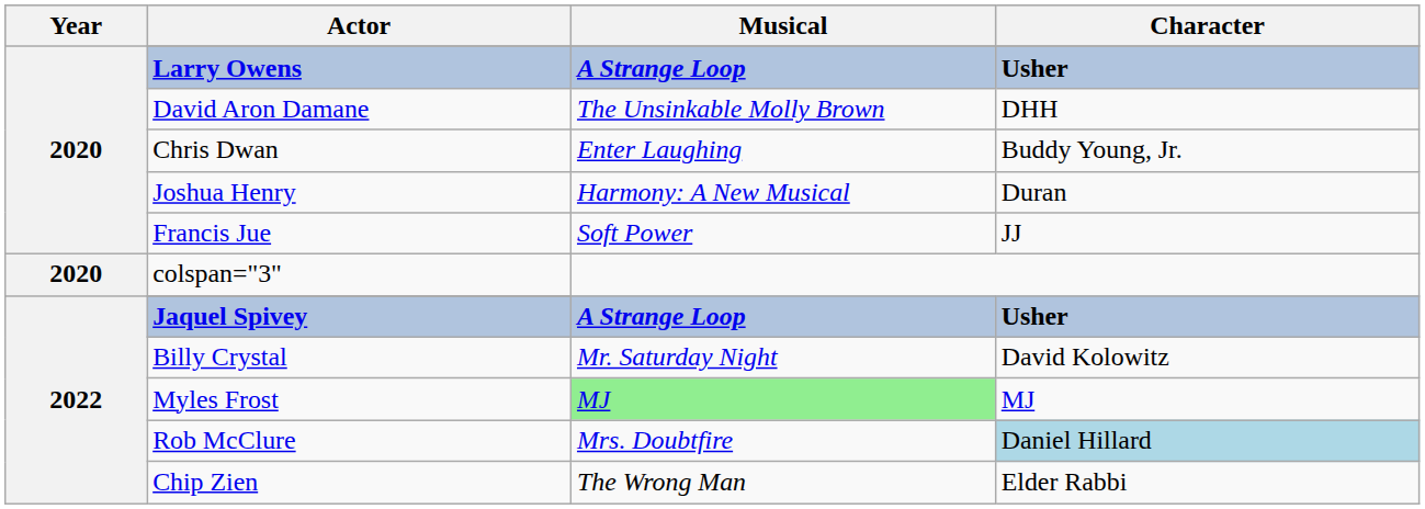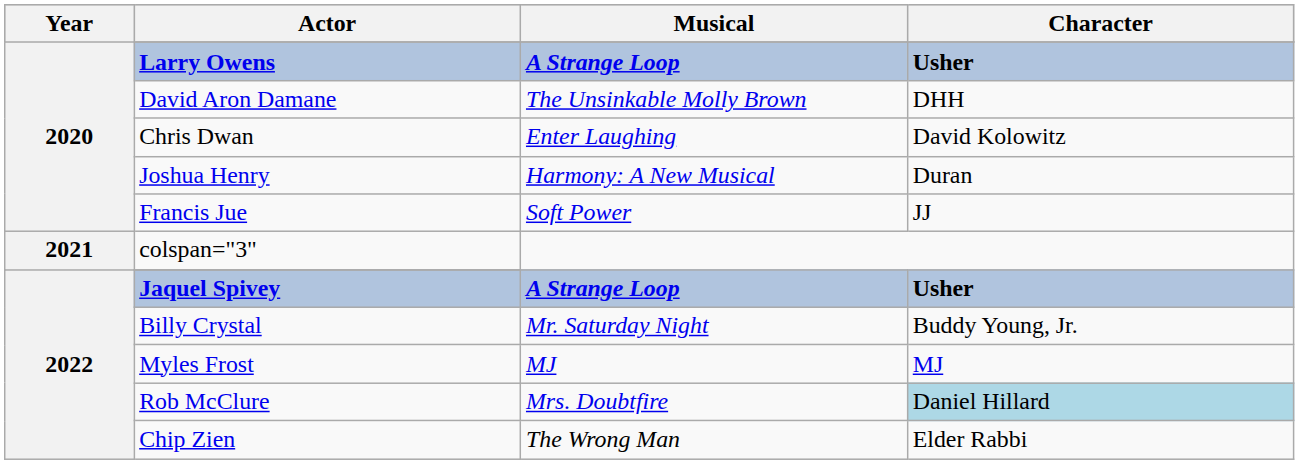 <table class="wikitable" style="width:98%;">
 <tr style="background:#bebebe;">
 <th style="width:10%;">Year</th>
 <th style="width:30%;">Actor</th>
 <th style="width:30%;">Musical</th>
 <th style="width:30%;">Character</th>
 </tr>
 <tr>
 <th rowspan="6">2020</th>
 </tr>
 <tr style="background:#B0C4DE;">
 <td><strong><a href='#'>Larry Owens</a></strong></td>
 <td><strong><em><a href='#'>A Strange Loop</a></em></strong></td>
 <td><strong>Usher</strong></td>
 </tr>
 <tr>
 <td><a href='#'>David Aron Damane</a></td>
 <td><em><a href='#'>The Unsinkable Molly Brown</a></em></td>
 <td>DHH</td>
 </tr>
 <tr>
 <td>Chris Dwan</td>
 <td><em><a href='#'>Enter Laughing</a></em></td>
-<td>Buddy Young, Jr.</td>
+<td>David Kolowitz</td>
 </tr>
 <tr>
 <td><a href='#'>Joshua Henry</a></td>
 <td><em><a href='#'>Harmony: A New Musical</a></em></td>
 <td>Duran</td>
 </tr>
 <tr>
 <td><a href='#'>Francis Jue</a></td>
 <td><em><a href='#'>Soft Power</a></em></td>
 <td>JJ</td>
 </tr>
 <tr>
-<th>2020</th>
+<th>2021</th>
 <td>colspan="3" </td>
 </tr>
 <tr>
 <th rowspan="6">2022</th>
 </tr>
 <tr style="background:#B0C4DE;">
 <td><strong><a href='#'>Jaquel Spivey</a></strong></td>
 <td><strong><em><a href='#'>A Strange Loop</a></em></strong></td>
 <td><strong>Usher</strong></td>
 </tr>
 <tr>
 <td><a href='#'>Billy Crystal</a></td>
 <td><em><a href='#'>Mr. Saturday Night</a></em></td>
-<td>David Kolowitz</td>
+<td>Buddy Young, Jr.</td>
 </tr>
 <tr>
 <td><a href='#'>Myles Frost</a></td>
-<td style="background: lightgreen;"><em><a href='#'>MJ</a></em></td>
+<td><em><a href='#'>MJ</a></em></td>
 <td><a href='#'>MJ</a></td>
 </tr>
 <tr>
 <td><a href='#'>Rob McClure</a></td>
 <td><em><a href='#'>Mrs. Doubtfire</a></em></td>
 <td style="background: lightblue;">Daniel Hillard</td>
 </tr>
 <tr>
 <td><a href='#'>Chip Zien</a></td>
 <td><em>The Wrong Man</em></td>
 <td>Elder Rabbi</td>
 </tr>
 </table>
